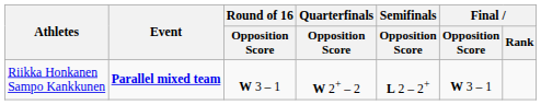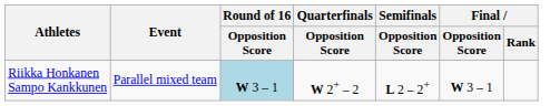 <table class="wikitable" style="font-size:90%">
 <tr>
 <th rowspan="2">Athletes</th>
 <th rowspan="2">Event</th>
 <th>Round of 16</th>
 <th>Quarterfinals</th>
 <th>Semifinals</th>
 <th colspan="2">Final / </th>
 </tr>
 <tr style="font-size:95%">
 <th>Opposition<br>Score</th>
 <th>Opposition<br>Score</th>
 <th>Opposition<br>Score</th>
 <th>Opposition<br>Score</th>
 <th>Rank</th>
 </tr>
 <tr align=center>
 <td align=left><a href='#'>Riikka Honkanen</a><br><a href='#'>Sampo Kankkunen</a></td>
-<td align=left><strong><a href='#'>Parallel mixed team</a></strong></td>
-<td><br><strong>W</strong> 3 – 1</td>
+<td align=left><a href='#'>Parallel mixed team</a></td>
+<td style="background: lightblue;"><br><strong>W</strong> 3 – 1</td>
 <td><br><strong>W</strong> 2<sup>+</sup> – 2</td>
 <td><br><strong>L</strong> 2 – 2<sup>+</sup></td>
 <td><br><strong>W</strong> 3 – 1</td>
 <td></td>
 </tr>
 </table>
